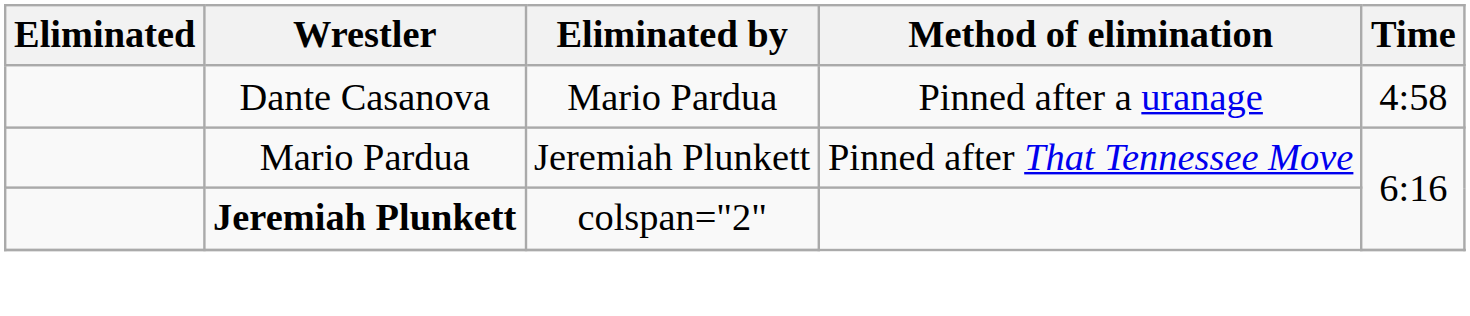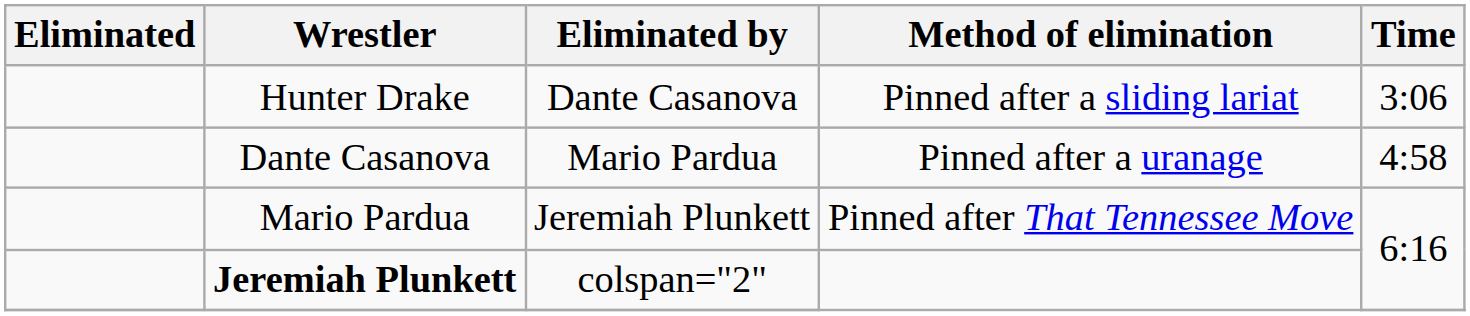 <table class="wikitable sortable" style="text-align:center;">
 <tr>
 <th>Eliminated</th>
 <th>Wrestler</th>
 <th>Eliminated by</th>
 <th>Method of elimination</th>
 <th>Time</th>
+</tr>
+<tr>
+<td></td>
+<td>Hunter Drake</td>
+<td>Dante Casanova</td>
+<td>Pinned after a <a href='#'>sliding lariat</a></td>
+<td>3:06</td>
 </tr>
 <tr>
 <td></td>
 <td>Dante Casanova</td>
 <td>Mario Pardua</td>
 <td>Pinned after a <a href='#'>uranage</a></td>
 <td>4:58</td>
 </tr>
 <tr>
 <td></td>
 <td>Mario Pardua</td>
 <td>Jeremiah Plunkett</td>
 <td>Pinned after <em><a href='#'>That Tennessee Move</a></em></td>
 <td rowspan=2>6:16</td>
 </tr>
 <tr>
 <td><strong></strong></td>
 <td><strong>Jeremiah Plunkett</strong></td>
 <td>colspan="2" </td>
 </tr>
 <tr>
 </tr>
 </table>
